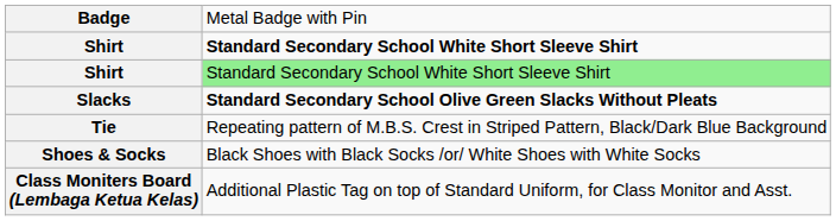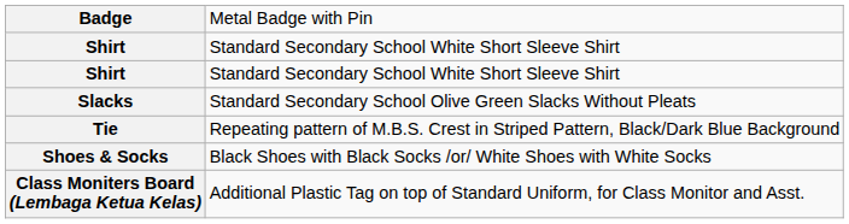 <table class="wikitable">
 <tr>
 <th>Badge</th>
 <td>Metal Badge with Pin</td>
 </tr>
 <tr>
 <th>Shirt</th>
-<td><strong>Standard Secondary School White Short Sleeve Shirt</strong></td>
+<td>Standard Secondary School White Short Sleeve Shirt</td>
 </tr>
 <tr>
 <th>Shirt</th>
-<td style="background: lightgreen;">Standard Secondary School White Short Sleeve Shirt</td>
+<td>Standard Secondary School White Short Sleeve Shirt</td>
 </tr>
 <tr>
 <th>Slacks</th>
-<td><strong>Standard Secondary School Olive Green Slacks Without Pleats</strong></td>
+<td>Standard Secondary School Olive Green Slacks Without Pleats</td>
 </tr>
 <tr>
 <th>Tie</th>
 <td>Repeating pattern of M.B.S. Crest in Striped Pattern, Black/Dark Blue Background</td>
 </tr>
 <tr>
 <th>Shoes & Socks</th>
 <td>Black Shoes with Black Socks /or/ White Shoes with White Socks</td>
 </tr>
 <tr>
 <th>Class Moniters Board<br><em>(Lembaga Ketua Kelas)</em></th>
 <td>Additional Plastic Tag on top of Standard Uniform, for Class Monitor and Asst.</td>
 </tr>
 </table>
